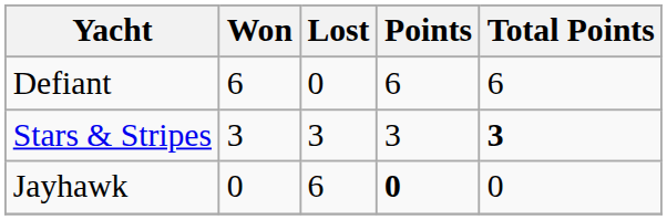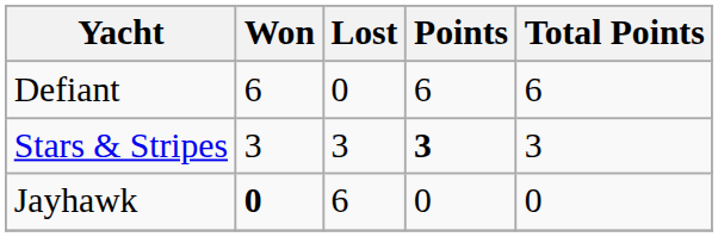 <table class="wikitable">
 <tr>
 <th>Yacht</th>
 <th>Won</th>
 <th>Lost</th>
 <th>Points</th>
 <th>Total Points</th>
 </tr>
 <tr>
 <td>Defiant</td>
 <td>6</td>
 <td>0</td>
 <td>6</td>
 <td>6</td>
 </tr>
 <tr>
 <td><a href='#'>Stars & Stripes</a></td>
 <td>3</td>
 <td>3</td>
+<td><strong>3</strong></td>
 <td>3</td>
-<td><strong>3</strong></td>
 </tr>
 <tr>
 <td>Jayhawk</td>
+<td><strong>0</strong></td>
+<td>6</td>
 <td>0</td>
-<td>6</td>
-<td><strong>0</strong></td>
 <td>0</td>
 </tr>
 <tr>
 </tr>
 </table>
